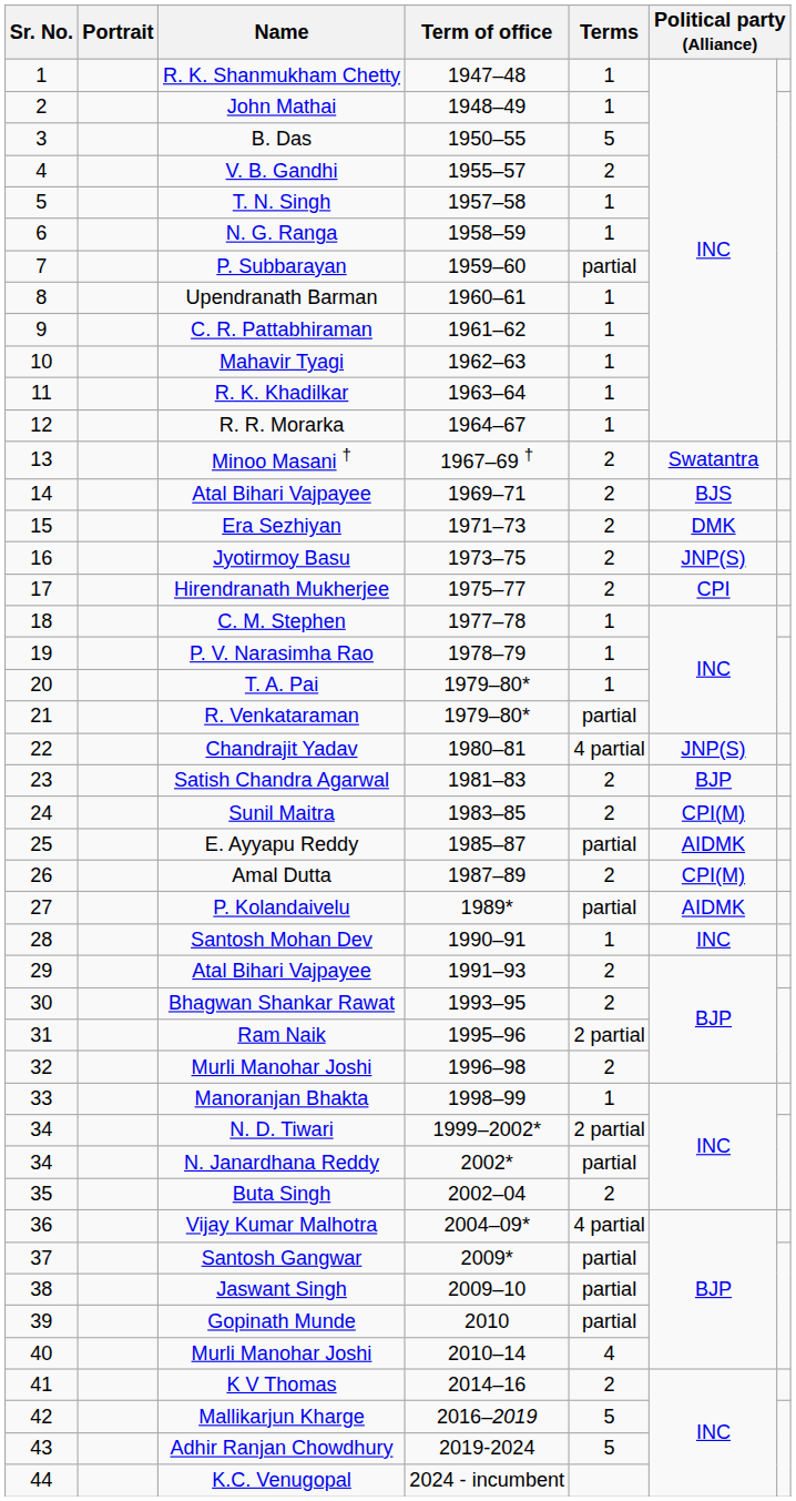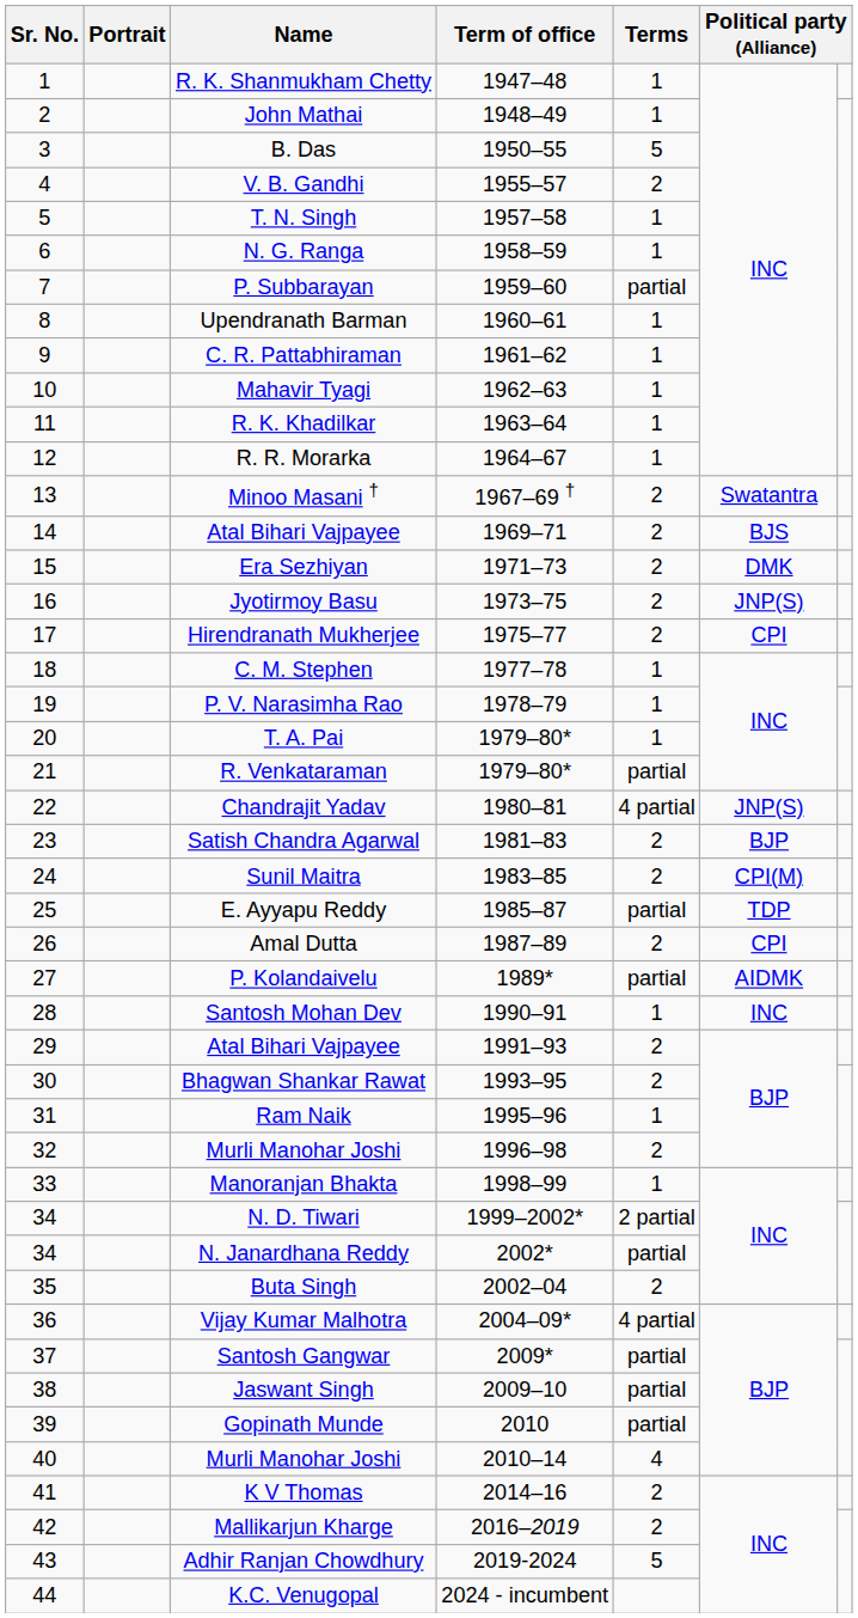 <table class="wikitable sortable">
 <tr>
 <th>Sr. No.</th>
 <th>Portrait</th>
 <th>Name</th>
 <th>Term of office</th>
 <th>Terms</th>
 <th colspan=2>Political party<br><small>(Alliance)</small></th>
 </tr>
 <tr align=center>
 <td>1</td>
 <td></td>
 <td><a href='#'>R. K. Shanmukham Chetty</a></td>
 <td>1947–48</td>
 <td>1</td>
 <td rowspan="12"><a href='#'>INC</a></td>
 <td width="px"></td>
 </tr>
 <tr align=center>
 <td>2</td>
 <td></td>
 <td><a href='#'>John Mathai</a></td>
 <td>1948–49</td>
 <td>1</td>
 </tr>
 <tr align=center>
 <td>3</td>
 <td></td>
 <td>B. Das</td>
 <td>1950–55</td>
 <td>5</td>
 </tr>
 <tr align=center>
 <td>4</td>
 <td></td>
 <td><a href='#'>V. B. Gandhi</a></td>
 <td>1955–57</td>
 <td>2</td>
 </tr>
 <tr align=center>
 <td>5</td>
 <td></td>
 <td><a href='#'>T. N. Singh</a></td>
 <td>1957–58</td>
 <td>1</td>
 </tr>
 <tr align=center>
 <td>6</td>
 <td></td>
 <td><a href='#'>N. G. Ranga</a></td>
 <td>1958–59</td>
 <td>1</td>
 </tr>
 <tr align=center>
 <td>7</td>
 <td></td>
 <td><a href='#'>P. Subbarayan</a></td>
 <td>1959–60</td>
 <td>partial</td>
 </tr>
 <tr align=center>
 <td>8</td>
 <td></td>
 <td>Upendranath Barman</td>
 <td>1960–61</td>
 <td>1</td>
 </tr>
 <tr align=center>
 <td>9</td>
 <td></td>
 <td><a href='#'>C. R. Pattabhiraman</a></td>
 <td>1961–62</td>
 <td>1</td>
 </tr>
 <tr align=center>
 <td>10</td>
 <td></td>
 <td><a href='#'>Mahavir Tyagi</a></td>
 <td>1962–63</td>
 <td>1</td>
 </tr>
 <tr align=center>
 <td>11</td>
 <td></td>
 <td><a href='#'>R. K. Khadilkar</a></td>
 <td>1963–64</td>
 <td>1</td>
 </tr>
 <tr align=center>
 <td>12</td>
 <td></td>
 <td>R. R. Morarka</td>
 <td>1964–67</td>
 <td>1</td>
 </tr>
 <tr align=center>
 <td>13</td>
 <td></td>
 <td><a href='#'>Minoo Masani</a> <sup>†</sup></td>
 <td>1967–69 <sup>†</sup></td>
 <td>2</td>
 <td rowspan=1><a href='#'>Swatantra</a></td>
 <td width="3px"></td>
 </tr>
 <tr align=center>
 <td>14</td>
 <td></td>
 <td><a href='#'>Atal Bihari Vajpayee</a></td>
 <td>1969–71</td>
 <td>2</td>
 <td rowspan=1><a href='#'>BJS</a></td>
 <td width="3px"></td>
 </tr>
 <tr align=center>
 <td>15</td>
 <td></td>
 <td><a href='#'>Era Sezhiyan</a></td>
 <td>1971–73</td>
 <td>2</td>
 <td rowspan=1><a href='#'>DMK</a></td>
 <td width="3px"></td>
 </tr>
 <tr align=center>
 <td>16</td>
 <td></td>
 <td><a href='#'>Jyotirmoy Basu</a></td>
 <td>1973–75</td>
 <td>2</td>
 <td rowspan=1><a href='#'>JNP(S)</a></td>
 <td width="3px"></td>
 </tr>
 <tr align=center>
 <td>17</td>
 <td></td>
 <td><a href='#'>Hirendranath Mukherjee</a></td>
 <td>1975–77</td>
 <td>2</td>
 <td rowspan=1><a href='#'>CPI</a></td>
 <td width="3px"></td>
 </tr>
 <tr align=center>
 <td>18</td>
 <td></td>
 <td><a href='#'>C. M. Stephen</a></td>
 <td>1977–78</td>
 <td>1</td>
 <td rowspan="4"><a href='#'>INC</a></td>
 <td width="3px"></td>
 </tr>
 <tr align=center>
 <td>19</td>
 <td></td>
 <td><a href='#'>P. V. Narasimha Rao</a></td>
 <td>1978–79</td>
 <td>1</td>
 </tr>
 <tr align=center>
 <td>20</td>
 <td></td>
 <td><a href='#'>T. A. Pai</a></td>
 <td>1979–80*</td>
 <td>1</td>
 </tr>
 <tr align=center>
 <td>21</td>
 <td></td>
 <td><a href='#'>R. Venkataraman</a></td>
 <td>1979–80*</td>
 <td>partial</td>
 </tr>
 <tr align=center>
 <td>22</td>
 <td></td>
 <td><a href='#'>Chandrajit Yadav</a></td>
 <td>1980–81</td>
 <td>4 partial</td>
 <td rowspan=1><a href='#'>JNP(S)</a></td>
 <td width="3px"></td>
 </tr>
 <tr align=center>
 <td>23</td>
 <td></td>
 <td><a href='#'>Satish Chandra Agarwal</a></td>
 <td>1981–83</td>
 <td>2</td>
 <td rowspan=1><a href='#'>BJP</a></td>
 <td width="3px"></td>
 </tr>
 <tr align=center>
 <td>24</td>
 <td></td>
 <td><a href='#'>Sunil Maitra</a></td>
 <td>1983–85</td>
 <td>2</td>
 <td rowspan=1><a href='#'>CPI(M)</a></td>
 <td width="3px"></td>
 </tr>
 <tr align=center>
 <td>25</td>
 <td></td>
 <td>E. Ayyapu Reddy</td>
 <td>1985–87</td>
 <td>partial</td>
-<td rowspan=1><a href='#'>AIDMK</a></td>
+<td rowspan=1><a href='#'>TDP</a></td>
 <td width="3px"></td>
 </tr>
 <tr align=center>
 <td>26</td>
 <td></td>
 <td>Amal Dutta</td>
 <td>1987–89</td>
 <td>2</td>
-<td rowspan=1><a href='#'>CPI(M)</a></td>
+<td rowspan=1><a href='#'>CPI</a></td>
 <td width="3px"></td>
 </tr>
 <tr align=center>
 <td>27</td>
 <td></td>
 <td><a href='#'>P. Kolandaivelu</a></td>
 <td>1989*</td>
 <td>partial</td>
 <td rowspan=1><a href='#'>AIDMK</a></td>
 <td width="3px"></td>
 </tr>
 <tr align=center>
 <td>28</td>
 <td></td>
 <td><a href='#'>Santosh Mohan Dev</a></td>
 <td>1990–91</td>
 <td>1</td>
 <td rowspan="1"><a href='#'>INC</a></td>
 <td width="3px"></td>
 </tr>
 <tr align=center>
 <td>29</td>
 <td></td>
 <td><a href='#'>Atal Bihari Vajpayee</a></td>
 <td>1991–93</td>
 <td>2</td>
 <td rowspan=4><a href='#'>BJP</a></td>
 <td width="3px"></td>
 </tr>
 <tr align=center>
 <td>30</td>
 <td></td>
 <td><a href='#'>Bhagwan Shankar Rawat</a></td>
 <td>1993–95</td>
 <td>2</td>
 </tr>
 <tr align=center>
 <td>31</td>
 <td></td>
 <td><a href='#'>Ram Naik</a></td>
 <td>1995–96</td>
-<td>2 partial</td>
+<td>1</td>
 </tr>
 <tr align=center>
 <td>32</td>
 <td></td>
 <td><a href='#'>Murli Manohar Joshi</a></td>
 <td>1996–98</td>
 <td>2</td>
 </tr>
 <tr align=center>
 <td>33</td>
 <td></td>
 <td><a href='#'>Manoranjan Bhakta</a></td>
 <td>1998–99</td>
 <td>1</td>
 <td rowspan="4"><a href='#'>INC</a></td>
 <td width="3px"></td>
 </tr>
 <tr align=center>
 <td>34</td>
 <td></td>
 <td><a href='#'>N. D. Tiwari</a></td>
 <td>1999–2002*</td>
 <td>2 partial</td>
 </tr>
 <tr align=center>
 <td>34</td>
 <td></td>
 <td><a href='#'>N. Janardhana Reddy</a></td>
 <td>2002*</td>
 <td>partial</td>
 </tr>
 <tr align=center>
 <td>35</td>
 <td></td>
 <td><a href='#'>Buta Singh</a></td>
 <td>2002–04</td>
 <td>2</td>
 </tr>
 <tr align=center>
 <td>36</td>
 <td></td>
 <td><a href='#'>Vijay Kumar Malhotra</a></td>
 <td>2004–09*</td>
 <td>4 partial</td>
 <td rowspan="5"><a href='#'>BJP</a></td>
 <td width="3px"></td>
 </tr>
 <tr align=center>
 <td>37</td>
 <td></td>
 <td><a href='#'>Santosh Gangwar</a></td>
 <td>2009*</td>
 <td>partial</td>
 </tr>
 <tr align=center>
 <td>38</td>
 <td></td>
 <td><a href='#'>Jaswant Singh</a></td>
 <td>2009–10</td>
 <td>partial</td>
 </tr>
 <tr align=center>
 <td>39</td>
 <td></td>
 <td><a href='#'>Gopinath Munde</a></td>
 <td>2010</td>
 <td>partial</td>
 </tr>
 <tr align=center>
 <td>40</td>
 <td></td>
 <td><a href='#'>Murli Manohar Joshi</a></td>
 <td>2010–14</td>
 <td>4</td>
 </tr>
 <tr align=center>
 <td>41</td>
 <td></td>
 <td><a href='#'>K V Thomas</a></td>
 <td>2014–16</td>
 <td>2</td>
 <td rowspan="4"><a href='#'>INC</a></td>
 <td width="3px"></td>
 </tr>
 <tr align=center>
 <td>42</td>
 <td></td>
 <td><a href='#'>Mallikarjun Kharge</a></td>
 <td>2016–<em>2019</em></td>
-<td>5</td>
+<td>2</td>
 </tr>
 <tr align=center>
 <td>43</td>
 <td></td>
 <td><a href='#'>Adhir Ranjan Chowdhury</a></td>
 <td>2019-2024</td>
 <td>5</td>
 </tr>
 <tr align=center>
 <td>44</td>
 <td></td>
 <td><a href='#'>K.C. Venugopal</a></td>
 <td>2024 - incumbent</td>
 <td></td>
 </tr>
 </table>
